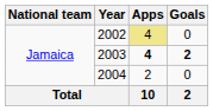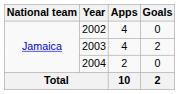 <table class="wikitable" style="text-align:center">
 <tr>
 <th>National team</th>
 <th>Year</th>
 <th>Apps</th>
 <th>Goals</th>
 </tr>
 <tr>
 <td rowspan="3"><a href='#'>Jamaica</a></td>
 <td>2002</td>
-<td style="background: khaki;">4</td>
+<td>4</td>
 <td>0</td>
 </tr>
 <tr>
 <td>2003</td>
-<td><strong>4</strong></td>
-<td><strong>2</strong></td>
+<td>4</td>
+<td>2</td>
 </tr>
 <tr>
 <td>2004</td>
 <td>2</td>
 <td>0</td>
 </tr>
 <tr>
 <th colspan="2">Total</th>
 <th>10</th>
 <th>2</th>
 </tr>
 </table>
